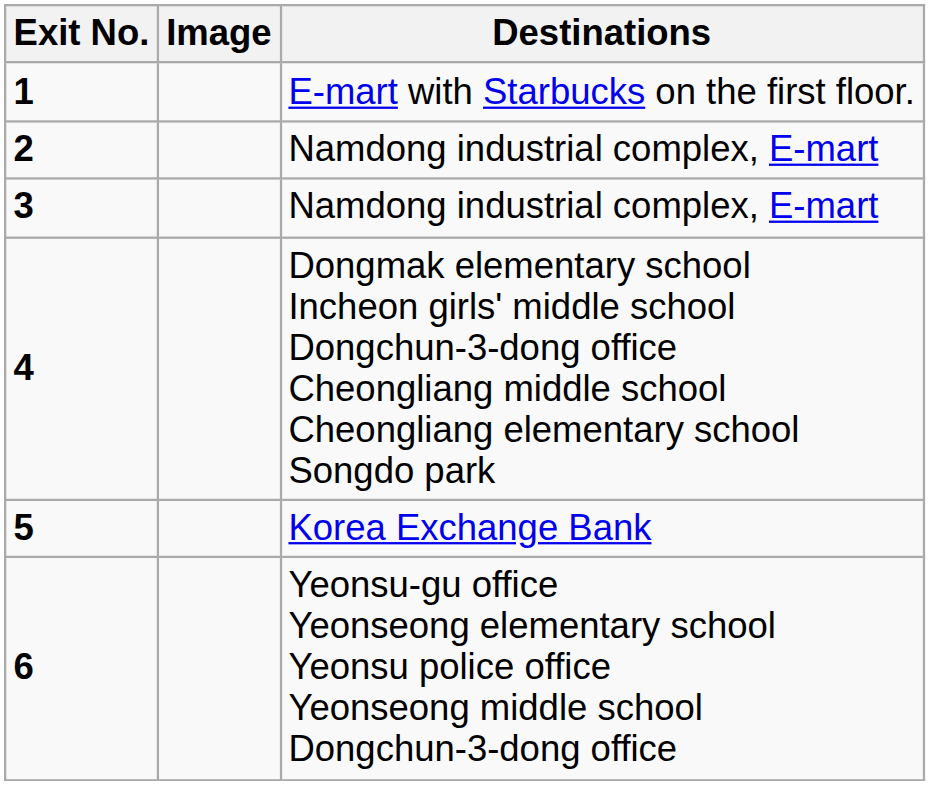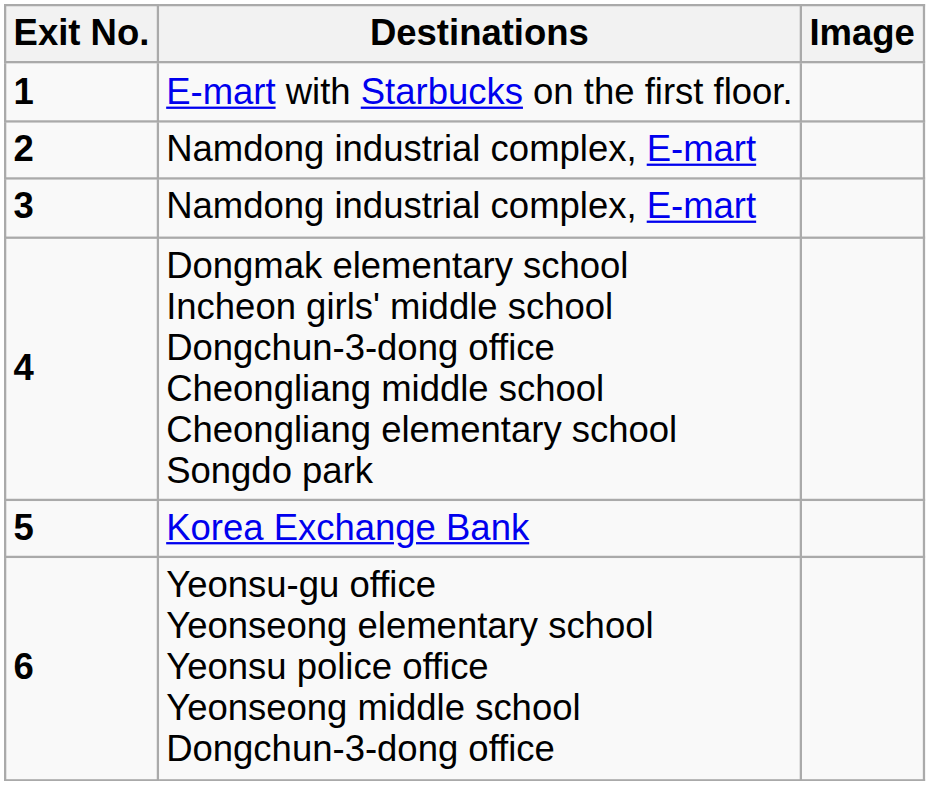 <table class="wikitable">
 <tr>
 <th>Exit No.</th>
+<th>Destinations</th>
 <th>Image</th>
-<th>Destinations</th>
 </tr>
 <tr>
 <td><span><strong>1</strong></span></td>
+<td><a href='#'>E-mart</a> with <a href='#'>Starbucks</a> on the first floor.</td>
 <td></td>
-<td><a href='#'>E-mart</a> with <a href='#'>Starbucks</a> on the first floor.</td>
 </tr>
 <tr>
 <td><span><strong>2</strong></span></td>
+<td>Namdong industrial complex, <a href='#'>E-mart</a></td>
 <td></td>
-<td>Namdong industrial complex, <a href='#'>E-mart</a></td>
 </tr>
 <tr>
 <td><span><strong>3</strong></span></td>
+<td>Namdong industrial complex, <a href='#'>E-mart</a></td>
 <td></td>
-<td>Namdong industrial complex, <a href='#'>E-mart</a></td>
 </tr>
 <tr>
 <td><span><strong>4</strong></span></td>
+<td>Dongmak elementary school<br>Incheon girls' middle school<br>Dongchun-3-dong office<br>Cheongliang middle school<br>Cheongliang elementary school<br>Songdo park</td>
 <td></td>
-<td>Dongmak elementary school<br>Incheon girls' middle school<br>Dongchun-3-dong office<br>Cheongliang middle school<br>Cheongliang elementary school<br>Songdo park</td>
 </tr>
 <tr>
 <td><span><strong>5</strong></span></td>
+<td><a href='#'>Korea Exchange Bank</a></td>
 <td></td>
-<td><a href='#'>Korea Exchange Bank</a></td>
 </tr>
 <tr>
 <td><span><strong>6</strong></span></td>
+<td>Yeonsu-gu office<br>Yeonseong elementary school<br>Yeonsu police office<br>Yeonseong middle school<br>Dongchun-3-dong office</td>
 <td></td>
-<td>Yeonsu-gu office<br>Yeonseong elementary school<br>Yeonsu police office<br>Yeonseong middle school<br>Dongchun-3-dong office</td>
 </tr>
 </table>
